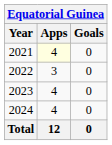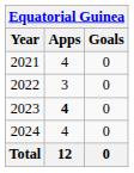 <table class="wikitable" style="text-align:center">
 <tr>
 <th colspan=3><a href='#'>Equatorial Guinea</a></th>
 </tr>
 <tr>
 <th>Year</th>
 <th>Apps</th>
 <th>Goals</th>
 </tr>
 <tr>
 <td>2021</td>
-<td style="background: lightyellow;">4</td>
+<td>4</td>
 <td>0</td>
 </tr>
 <tr>
 <td>2022</td>
 <td>3</td>
 <td>0</td>
 </tr>
 <tr>
 <td>2023</td>
-<td>4</td>
+<td><strong>4</strong></td>
 <td>0</td>
 </tr>
 <tr>
 <td>2024</td>
 <td>4</td>
 <td>0</td>
 </tr>
 <tr>
 <th>Total</th>
 <th>12</th>
 <th>0</th>
 </tr>
 </table>
